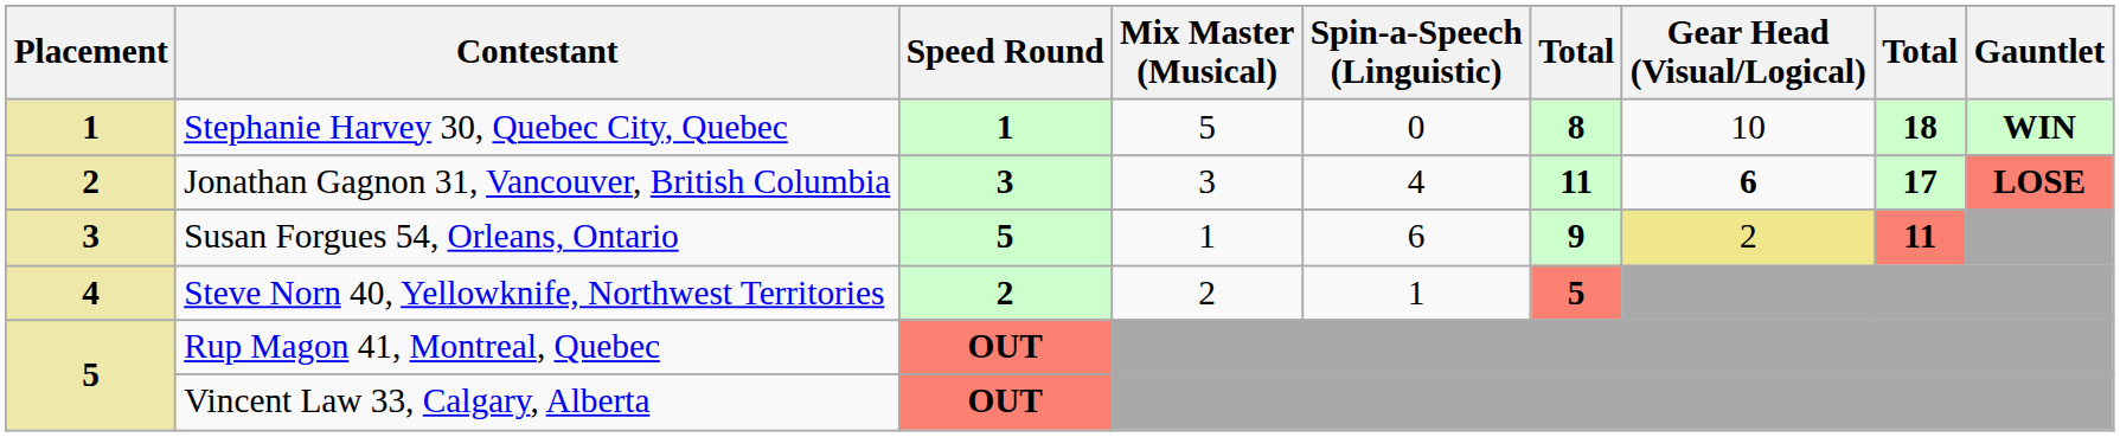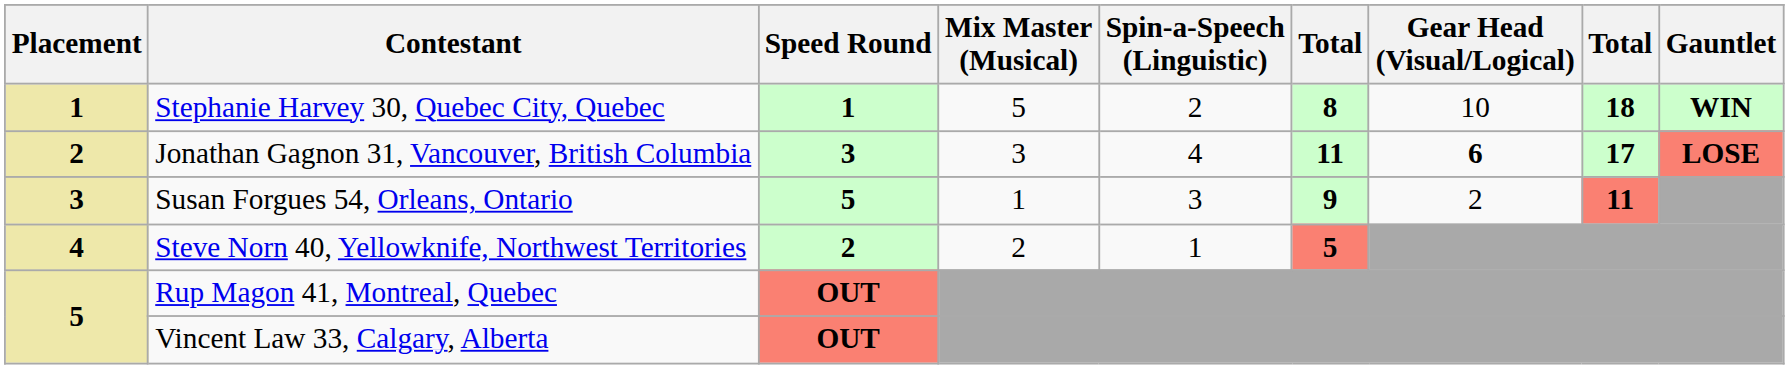 <table class="wikitable" style="text-align:center;">
 <tr>
 <th>Placement</th>
 <th>Contestant</th>
 <th>Speed Round</th>
 <th>Mix Master<br>(Musical)</th>
 <th>Spin-a-Speech<br>(Linguistic)</th>
 <th>Total</th>
 <th>Gear Head<br>(Visual/Logical)</th>
 <th>Total</th>
 <th>Gauntlet</th>
 </tr>
 <tr>
 <td bgcolor="palegoldenrod"><strong>1</strong></td>
 <td align="left"><a href='#'>Stephanie Harvey</a> 30, <a href='#'>Quebec City, Quebec</a></td>
 <td bgcolor="#cfc"><strong>1</strong></td>
 <td>5</td>
-<td>0</td>
+<td>2</td>
 <td bgcolor="#cfc"><strong>8</strong></td>
 <td>10</td>
 <td bgcolor="#cfc"><strong>18</strong></td>
 <td bgcolor="#cfc"><strong>WIN</strong></td>
 </tr>
 <tr>
 <td bgcolor="palegoldenrod"><strong>2</strong></td>
 <td align="left">Jonathan Gagnon 31, <a href='#'>Vancouver</a>, <a href='#'>British Columbia</a></td>
 <td bgcolor="#cfc"><strong>3</strong></td>
 <td>3</td>
 <td>4</td>
 <td bgcolor="#cfc"><strong>11</strong></td>
 <td><strong>6</strong></td>
 <td bgcolor="#cfc"><strong>17</strong></td>
 <td bgcolor="salmon"><strong>LOSE</strong></td>
 </tr>
 <tr>
 <td bgcolor="palegoldenrod"><strong>3</strong></td>
 <td align="left">Susan Forgues 54, <a href='#'>Orleans, Ontario</a></td>
 <td bgcolor="#cfc"><strong>5</strong></td>
 <td>1</td>
-<td>6</td>
+<td>3</td>
 <td bgcolor="#cfc"><strong>9</strong></td>
-<td style="background: khaki;">2</td>
+<td>2</td>
 <td bgcolor="salmon"><strong>11</strong></td>
 <td bgcolor=darkgrey></td>
 </tr>
 <tr>
 <td bgcolor="palegoldenrod"><strong>4</strong></td>
 <td align="left"><a href='#'>Steve Norn</a> 40, <a href='#'>Yellowknife, Northwest Territories</a></td>
 <td bgcolor="#cfc"><strong>2</strong></td>
 <td>2</td>
 <td>1</td>
 <td bgcolor="salmon"><strong>5</strong></td>
 <td colspan="4" bgcolor=darkgrey></td>
 </tr>
 <tr>
 <td rowspan="2" bgcolor="palegoldenrod"><strong>5</strong></td>
 <td align="left"><a href='#'>Rup Magon</a> 41, <a href='#'>Montreal</a>, <a href='#'>Quebec</a></td>
 <td bgcolor="salmon"><strong>OUT</strong></td>
 <td colspan="6" bgcolor=darkgrey></td>
 </tr>
 <tr>
 <td align="left">Vincent Law 33, <a href='#'>Calgary</a>, <a href='#'>Alberta</a></td>
 <td bgcolor="salmon"><strong>OUT</strong></td>
 <td colspan="6" bgcolor=darkgrey></td>
 </tr>
 </table>
